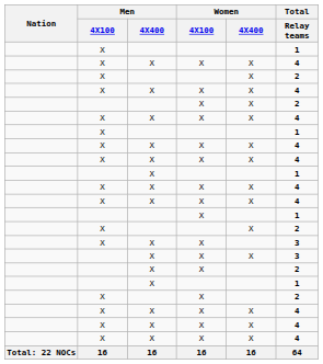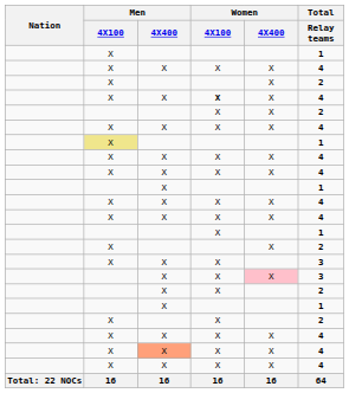 <table class="wikitable" style="text-align:center; font-size:90%">
 <tr>
 <th rowspan="2" align="left">Nation</th>
 <th colspan="2">Men</th>
 <th colspan="2">Women</th>
 <th>Total</th>
 </tr>
 <tr>
 <th width=65><a href='#'>4X100</a></th>
 <th width=65><a href='#'>4X400</a></th>
 <th width=65><a href='#'>4X100</a></th>
 <th width=65><a href='#'>4X400</a></th>
 <th width=55>Relay teams</th>
 </tr>
 <tr>
 <td align=left></td>
 <td>X</td>
 <td></td>
 <td></td>
 <td></td>
 <td><strong>1</strong></td>
 </tr>
 <tr>
 <td align=left></td>
 <td>X</td>
 <td>X</td>
 <td>X</td>
 <td>X</td>
 <td><strong>4</strong></td>
 </tr>
 <tr>
 <td align=left></td>
 <td>X</td>
 <td></td>
 <td></td>
 <td>X</td>
 <td><strong>2</strong></td>
 </tr>
 <tr>
 <td align=left></td>
 <td>X</td>
 <td>X</td>
-<td>X</td>
+<td><strong>X</strong></td>
 <td>X</td>
 <td><strong>4</strong></td>
 </tr>
 <tr>
 <td align=left></td>
 <td></td>
 <td></td>
 <td>X</td>
 <td>X</td>
 <td><strong>2</strong></td>
 </tr>
 <tr>
 <td align=left></td>
 <td>X</td>
 <td>X</td>
 <td>X</td>
 <td>X</td>
 <td><strong>4</strong></td>
 </tr>
 <tr>
 <td align=left></td>
-<td>X</td>
+<td style="background: khaki;">X</td>
 <td></td>
 <td></td>
 <td></td>
 <td><strong>1</strong></td>
 </tr>
 <tr>
 <td align=left></td>
 <td>X</td>
 <td>X</td>
 <td>X</td>
 <td>X</td>
 <td><strong>4</strong></td>
 </tr>
 <tr>
 <td align=left></td>
 <td>X</td>
 <td>X</td>
 <td>X</td>
 <td>X</td>
 <td><strong>4</strong></td>
 </tr>
 <tr>
 <td align=left></td>
 <td></td>
 <td>X</td>
 <td></td>
 <td></td>
 <td><strong>1</strong></td>
 </tr>
 <tr>
 <td align=left></td>
 <td>X</td>
 <td>X</td>
 <td>X</td>
 <td>X</td>
 <td><strong>4</strong></td>
 </tr>
 <tr>
 <td align=left></td>
 <td>X</td>
 <td>X</td>
 <td>X</td>
 <td>X</td>
 <td><strong>4</strong></td>
 </tr>
 <tr>
 <td align=left></td>
 <td></td>
 <td></td>
 <td>X</td>
 <td></td>
 <td><strong>1</strong></td>
 </tr>
 <tr>
 <td align=left></td>
 <td>X</td>
 <td></td>
 <td></td>
 <td>X</td>
 <td><strong>2</strong></td>
 </tr>
 <tr>
 <td align=left></td>
 <td>X</td>
 <td>X</td>
 <td>X</td>
 <td></td>
 <td><strong>3</strong></td>
 </tr>
 <tr>
 <td align=left></td>
 <td></td>
 <td>X</td>
 <td>X</td>
-<td>X</td>
+<td style="background: pink;">X</td>
 <td><strong>3</strong></td>
 </tr>
 <tr>
 <td align=left></td>
 <td></td>
 <td>X</td>
 <td>X</td>
 <td></td>
 <td><strong>2</strong></td>
 </tr>
 <tr>
 <td align=left></td>
 <td></td>
 <td>X</td>
 <td></td>
 <td></td>
 <td><strong>1</strong></td>
 </tr>
 <tr>
 <td align=left></td>
 <td>X</td>
 <td></td>
 <td>X</td>
 <td></td>
 <td><strong>2</strong></td>
 </tr>
 <tr>
 <td align=left></td>
 <td>X</td>
 <td>X</td>
 <td>X</td>
 <td>X</td>
 <td><strong>4</strong></td>
 </tr>
 <tr>
 <td align=left></td>
 <td>X</td>
-<td>X</td>
+<td style="background: lightsalmon;">X</td>
 <td>X</td>
 <td>X</td>
 <td><strong>4</strong></td>
 </tr>
 <tr>
 <td align=left></td>
 <td>X</td>
 <td>X</td>
 <td>X</td>
 <td>X</td>
 <td><strong>4</strong></td>
 </tr>
 <tr>
 <th>Total: 22 NOCs</th>
 <th>16</th>
 <th>16</th>
 <th>16</th>
 <th>16</th>
 <th>64</th>
 </tr>
 </table>
